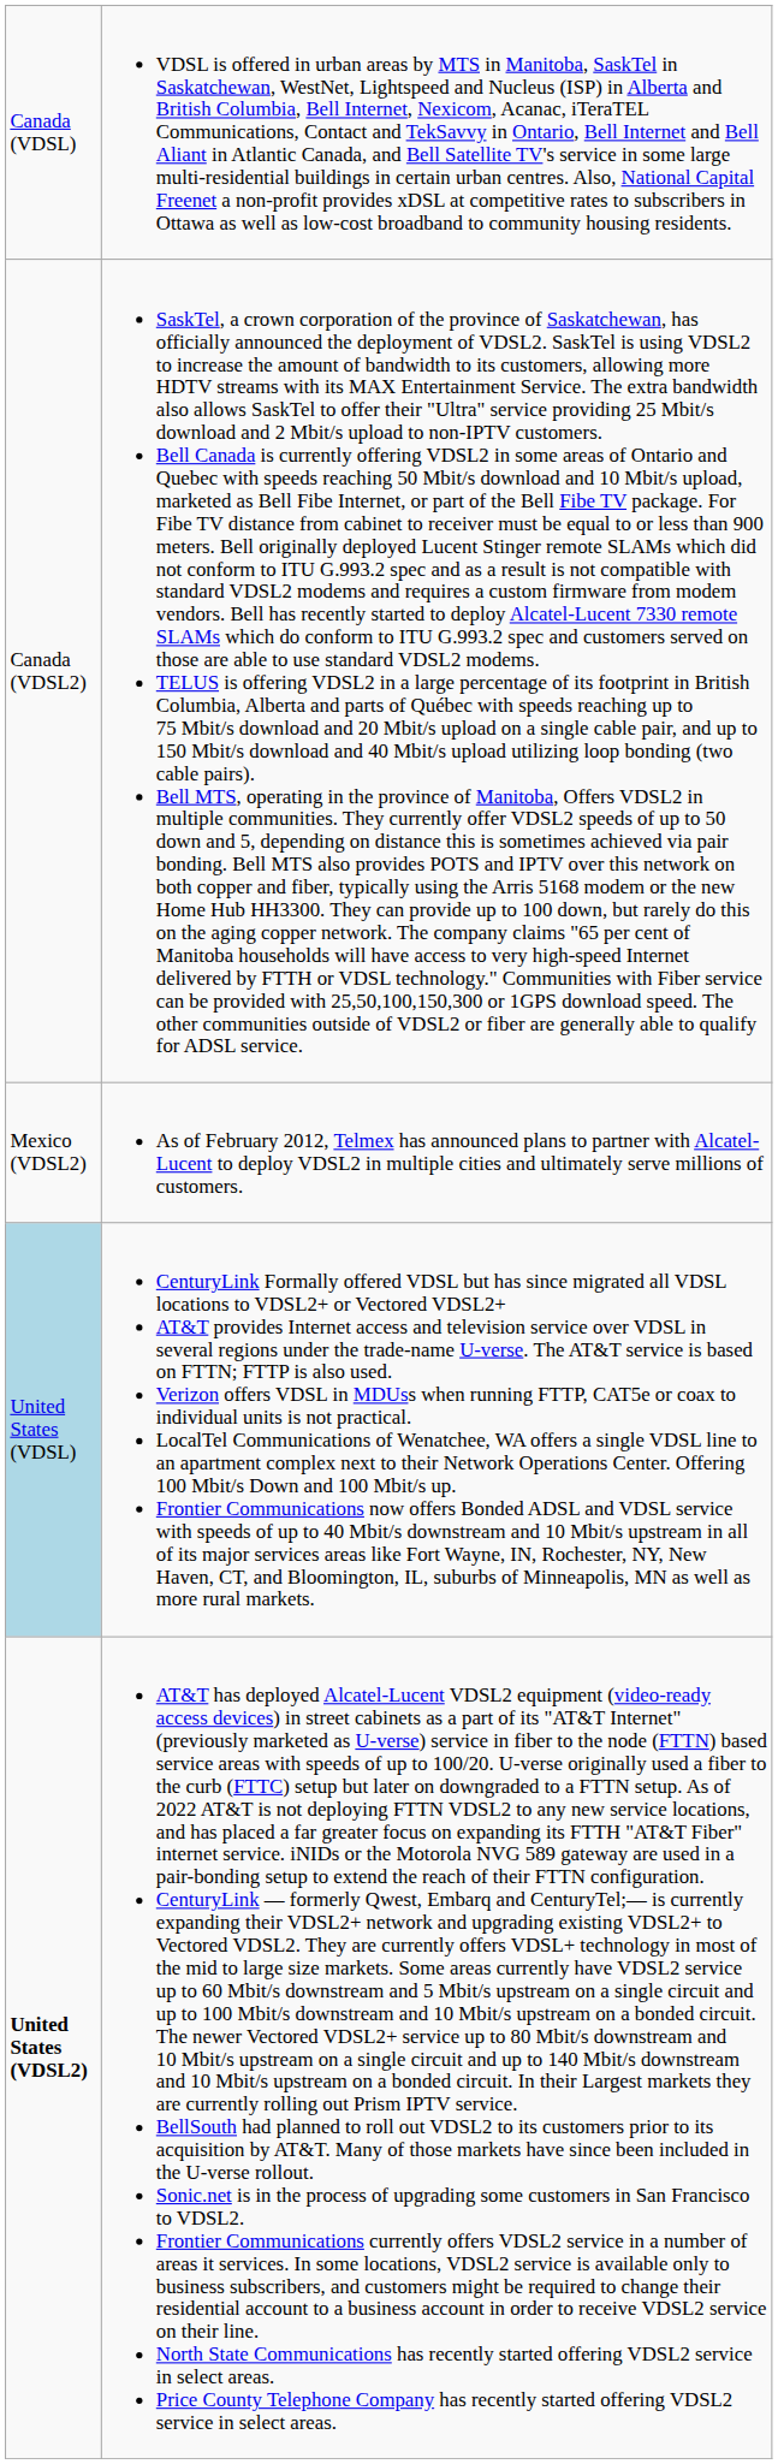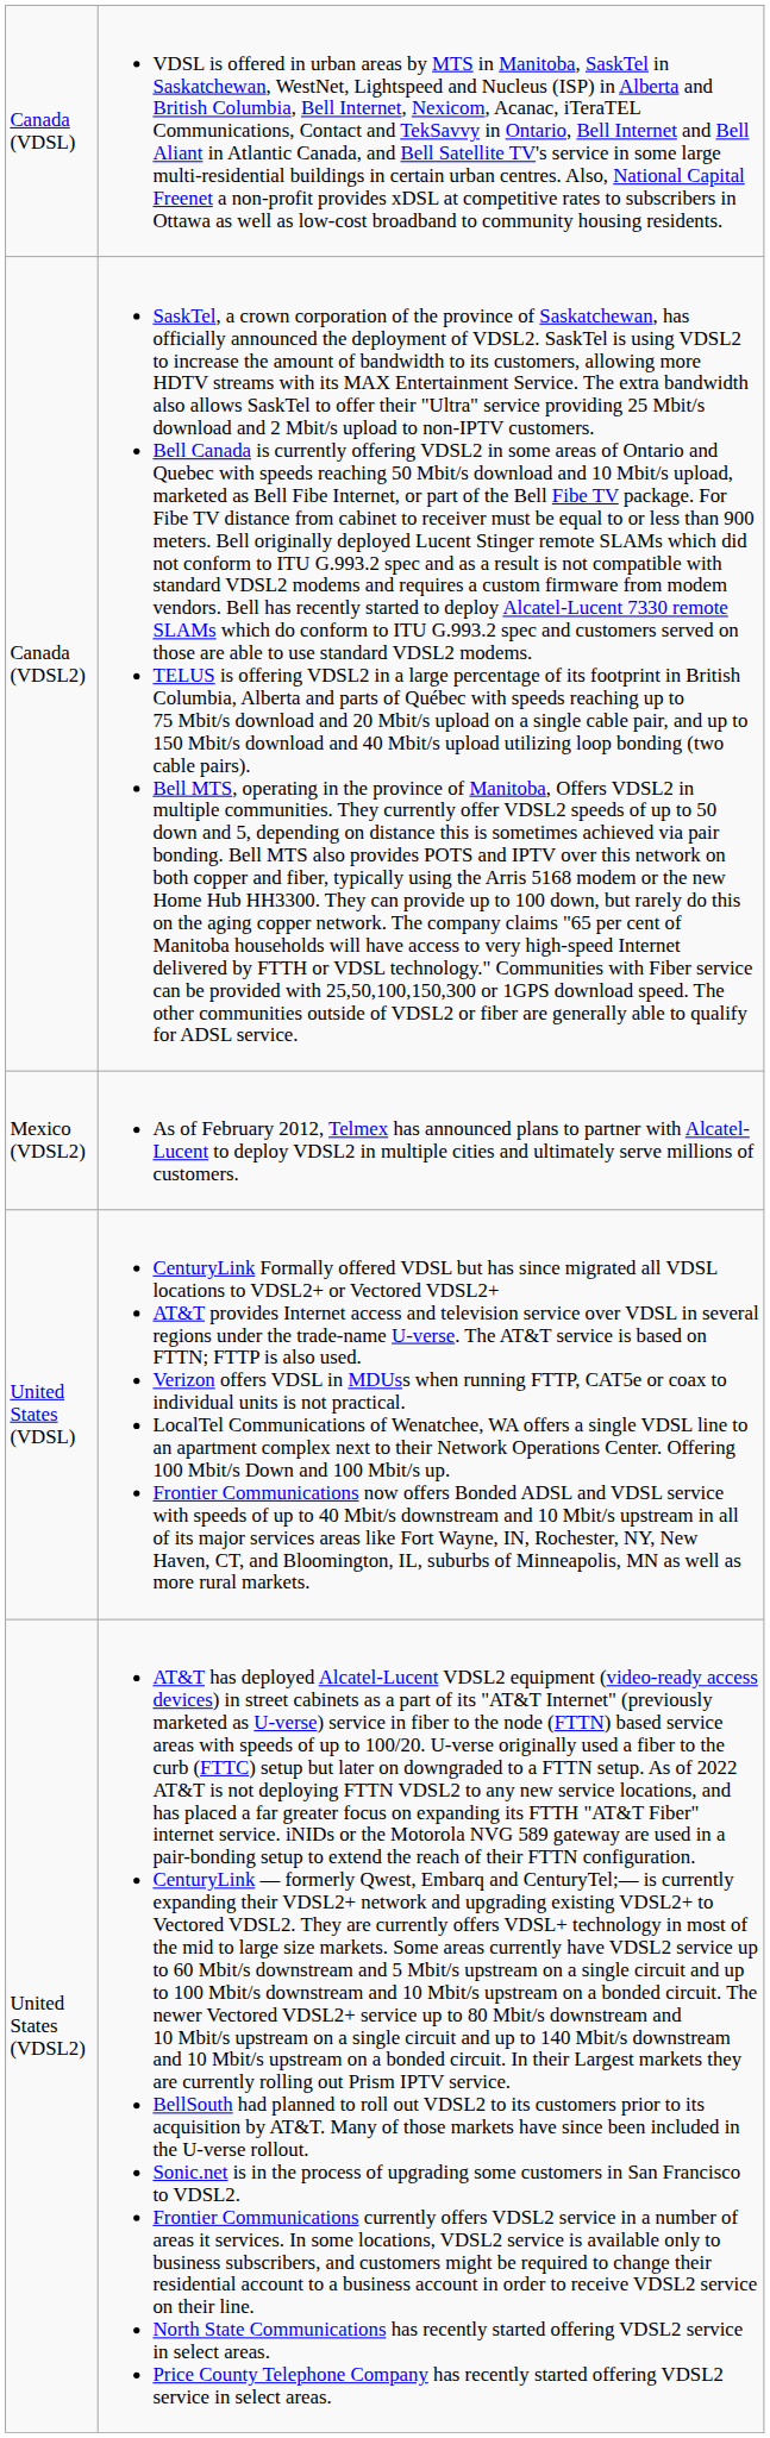 <table class="wikitable">
 <tr>
 <td><a href='#'>Canada</a> (VDSL)</td>
 <td><br><ul><li>VDSL is offered in urban areas by <a href='#'>MTS</a> in <a href='#'>Manitoba</a>, <a href='#'>SaskTel</a> in <a href='#'>Saskatchewan</a>, WestNet, Lightspeed and Nucleus (ISP) in <a href='#'>Alberta</a> and <a href='#'>British Columbia</a>, <a href='#'>Bell Internet</a>, <a href='#'>Nexicom</a>, Acanac, iTeraTEL Communications, Contact and <a href='#'>TekSavvy</a> in <a href='#'>Ontario</a>, <a href='#'>Bell Internet</a> and <a href='#'>Bell Aliant</a> in Atlantic Canada, and <a href='#'>Bell Satellite TV</a>'s service in some large multi-residential buildings in certain urban centres.  Also, <a href='#'>National Capital Freenet</a> a non-profit provides xDSL at competitive rates to subscribers in Ottawa as well as low-cost broadband to community housing residents.</li></ul></td>
 </tr>
 <tr>
 <td>Canada (VDSL2)</td>
 <td><br><ul><li><a href='#'>SaskTel</a>, a crown corporation of the province of <a href='#'>Saskatchewan</a>, has officially announced the deployment of VDSL2. SaskTel is using VDSL2 to increase the amount of bandwidth to its customers, allowing more HDTV streams with its MAX Entertainment Service. The extra bandwidth also allows SaskTel to offer their "Ultra" service providing 25 Mbit/s download and 2 Mbit/s upload to non-IPTV customers.</li><li><a href='#'>Bell Canada</a> is currently offering VDSL2 in some areas of Ontario and Quebec with speeds reaching 50 Mbit/s download and 10 Mbit/s upload, marketed as Bell Fibe Internet, or part of the Bell <a href='#'>Fibe TV</a> package. For Fibe TV distance from cabinet to receiver must be equal to or less than 900 meters. Bell originally deployed Lucent Stinger remote SLAMs which did not conform to ITU G.993.2 spec and as a result is not compatible with standard VDSL2 modems and requires a custom firmware from modem vendors. Bell has recently started to deploy <a href='#'>Alcatel-Lucent 7330 remote SLAMs</a> which do conform to ITU G.993.2 spec and customers served on those are able to use standard VDSL2 modems.</li><li><a href='#'>TELUS</a> is offering VDSL2 in a large percentage of its footprint in British Columbia, Alberta and parts of Québec with speeds reaching up to 75 Mbit/s download and 20 Mbit/s upload on a single cable pair, and up to 150 Mbit/s download and 40 Mbit/s upload utilizing loop bonding (two cable pairs).</li><li><a href='#'>Bell MTS</a>, operating in the province of <a href='#'>Manitoba</a>, Offers VDSL2 in multiple communities. They currently offer VDSL2 speeds of up to 50 down and 5, depending on distance this is sometimes achieved via pair bonding. Bell MTS also provides POTS and IPTV over this network on both copper and fiber, typically using the Arris 5168 modem or the new Home Hub HH3300. They can provide up to 100 down, but rarely do this on the aging copper network. The company claims "65 per cent of Manitoba households will have access to very high-speed Internet delivered by FTTH or VDSL technology." Communities with Fiber service can be provided with 25,50,100,150,300 or 1GPS download speed. The other communities outside of VDSL2 or fiber are generally able to qualify for ADSL service.</li></ul></td>
 </tr>
 <tr>
 <td>Mexico (VDSL2)</td>
 <td><br><ul><li>As of February 2012, <a href='#'>Telmex</a> has announced plans to partner with <a href='#'>Alcatel-Lucent</a> to deploy VDSL2 in multiple cities and ultimately serve millions of customers.</li></ul></td>
 </tr>
 <tr>
-<td style="background: lightblue;"><a href='#'>United States</a> (VDSL)</td>
+<td><a href='#'>United States</a> (VDSL)</td>
 <td><br><ul><li><a href='#'>CenturyLink</a> Formally offered VDSL but has since migrated all VDSL locations to VDSL2+ or Vectored VDSL2+</li><li><a href='#'>AT&T</a> provides Internet access and television service over VDSL in several regions under the trade-name <a href='#'>U-verse</a>. The AT&T service is based on FTTN; FTTP is also used.</li><li><a href='#'>Verizon</a> offers VDSL in <a href='#'>MDUs</a>s when running FTTP, CAT5e or coax to individual units is not practical.</li><li>LocalTel Communications of Wenatchee, WA offers a single VDSL line to an apartment complex next to their Network Operations Center. Offering 100 Mbit/s Down and 100 Mbit/s up.</li><li><a href='#'>Frontier Communications</a> now offers Bonded ADSL and VDSL service with speeds of up to 40 Mbit/s downstream and 10 Mbit/s upstream in all of its major services areas like Fort Wayne, IN, Rochester, NY, New Haven, CT, and Bloomington, IL, suburbs of Minneapolis, MN as well as more rural markets.</li></ul></td>
 </tr>
 <tr>
-<td><strong>United States (VDSL2)</strong></td>
+<td>United States (VDSL2)</td>
 <td><br><ul><li><a href='#'>AT&T</a> has deployed <a href='#'>Alcatel-Lucent</a> VDSL2 equipment (<a href='#'>video-ready access devices</a>) in street cabinets as a part of its "AT&T Internet" (previously marketed as <a href='#'>U-verse</a>) service in fiber to the node (<a href='#'>FTTN</a>) based service areas with speeds of up to 100/20. U-verse originally used a fiber to the curb (<a href='#'>FTTC</a>) setup but later on downgraded to a FTTN setup. As of 2022 AT&T is not deploying FTTN VDSL2 to any new service locations, and has placed a far greater focus on expanding its FTTH "AT&T Fiber" internet service. iNIDs or the Motorola NVG 589 gateway are used in a pair-bonding setup to extend the reach of their FTTN configuration.</li><li><a href='#'>CenturyLink</a> — formerly Qwest, Embarq and CenturyTel;— is currently expanding their VDSL2+ network and upgrading existing VDSL2+ to Vectored VDSL2. They are currently offers VDSL+ technology in most of the mid to large size markets. Some areas currently have VDSL2 service up to 60 Mbit/s downstream and 5 Mbit/s upstream on a single circuit and up to 100 Mbit/s downstream and 10 Mbit/s upstream on a bonded circuit. The newer Vectored VDSL2+ service up to 80 Mbit/s downstream and 10 Mbit/s upstream on a single circuit and up to 140 Mbit/s downstream and 10 Mbit/s upstream on a bonded circuit. In their Largest markets they are currently rolling out Prism IPTV service.</li><li><a href='#'>BellSouth</a> had planned to roll out VDSL2 to its customers prior to its acquisition by AT&T. Many of those markets have since been included in the U-verse rollout.</li><li><a href='#'>Sonic.net</a> is in the process of upgrading some customers in San Francisco to VDSL2.</li><li><a href='#'>Frontier Communications</a> currently offers VDSL2 service in a number of areas it services. In some locations, VDSL2 service is available only to business subscribers, and customers might be required to change their residential account to a business account in order to receive VDSL2 service on their line.</li><li><a href='#'>North State Communications</a> has recently started offering VDSL2 service in select areas.</li><li><a href='#'>Price County Telephone Company</a> has recently started offering VDSL2 service in select areas.</li></ul></td>
 </tr>
 </table>
